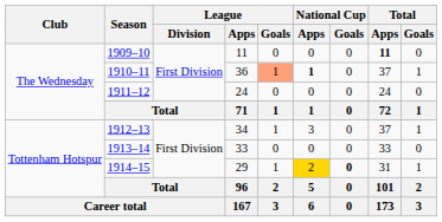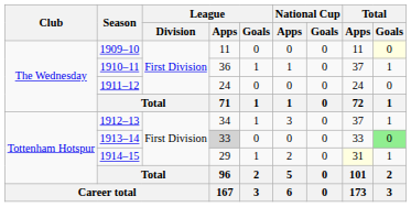 <table class="wikitable" style="text-align: center">
 <tr>
 <th rowspan="2">Club</th>
 <th rowspan="2">Season</th>
 <th colspan="3">League</th>
 <th colspan="2">National Cup</th>
 <th colspan="2">Total</th>
 </tr>
 <tr>
 <th>Division</th>
 <th>Apps</th>
 <th>Goals</th>
 <th>Apps</th>
 <th>Goals</th>
 <th>Apps</th>
 <th>Goals</th>
 </tr>
 <tr>
 <td rowspan="4"><a href='#'>The Wednesday</a></td>
 <td><a href='#'>1909–10</a></td>
 <td rowspan="3"><a href='#'>First Division</a></td>
 <td>11</td>
 <td>0</td>
 <td>0</td>
 <td>0</td>
-<td><strong>11</strong></td>
-<td>0</td>
+<td>11</td>
+<td style="background: lightyellow;">0</td>
 </tr>
 <tr>
 <td><a href='#'>1910–11</a></td>
 <td>36</td>
-<td style="background: lightsalmon;">1</td>
-<td><strong>1</strong></td>
+<td>1</td>
+<td>1</td>
 <td>0</td>
 <td>37</td>
 <td>1</td>
 </tr>
 <tr>
 <td><a href='#'>1911–12</a></td>
 <td>24</td>
 <td>0</td>
 <td>0</td>
 <td>0</td>
 <td>24</td>
 <td>0</td>
 </tr>
 <tr>
 <th colspan="2">Total</th>
 <th>71</th>
 <th>1</th>
 <th>1</th>
 <th>0</th>
 <th>72</th>
 <th>1</th>
 </tr>
 <tr>
 <td rowspan="4"><a href='#'>Tottenham Hotspur</a></td>
 <td><a href='#'>1912–13</a></td>
 <td rowspan="3">First Division</td>
 <td>34</td>
 <td>1</td>
 <td>3</td>
 <td>0</td>
 <td>37</td>
 <td>1</td>
 </tr>
 <tr>
 <td><a href='#'>1913–14</a></td>
-<td>33</td>
+<td style="background: lightgrey;">33</td>
 <td>0</td>
 <td>0</td>
 <td>0</td>
 <td>33</td>
-<td>0</td>
+<td style="background: lightgreen;">0</td>
 </tr>
 <tr>
 <td><a href='#'>1914–15</a></td>
 <td>29</td>
 <td>1</td>
-<td style="background: gold;">2</td>
-<td><strong>0</strong></td>
-<td>31</td>
+<td>2</td>
+<td>0</td>
+<td style="background: lightyellow;">31</td>
 <td>1</td>
 </tr>
 <tr>
 <th colspan="2">Total</th>
 <th>96</th>
 <th>2</th>
 <th>5</th>
 <th>0</th>
 <th>101</th>
 <th>2</th>
 </tr>
 <tr>
 <th colspan="3">Career total</th>
 <th>167</th>
 <th>3</th>
 <th>6</th>
 <th>0</th>
 <th>173</th>
 <th>3</th>
 </tr>
 </table>
